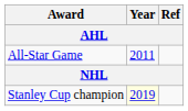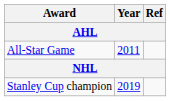 <table class="wikitable">
 <tr>
 <th>Award</th>
 <th>Year</th>
 <th>Ref</th>
 </tr>
 <tr>
 <th colspan="3"><a href='#'>AHL</a></th>
 </tr>
 <tr>
 <td><a href='#'>All-Star Game</a></td>
 <td><a href='#'>2011</a></td>
 <td></td>
 </tr>
 <tr>
 <th colspan="3"><a href='#'>NHL</a></th>
 </tr>
 <tr>
 <td><a href='#'>Stanley Cup</a> champion</td>
-<td style="background: lightyellow;"><a href='#'>2019</a></td>
+<td><a href='#'>2019</a></td>
 <td></td>
 </tr>
 </table>
